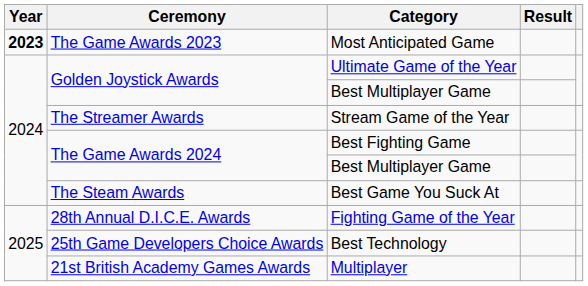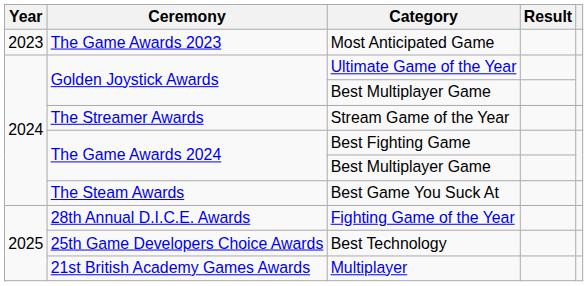 <table class="wikitable plainrowheaders sortable" width="auto">
 <tr>
 <th scope="col">Year</th>
 <th scope="col">Ceremony</th>
 <th scope="col">Category</th>
 <th scope="col">Result</th>
 <th scope="col" class="unsortable"></th>
 </tr>
 <tr>
-<td style="text-align:center;"><strong>2023</strong></td>
+<td style="text-align:center;">2023</td>
 <td><a href='#'>The Game Awards 2023</a></td>
 <td>Most Anticipated Game</td>
 <td></td>
 <td style="text-align:center;"></td>
 </tr>
 <tr>
 <td style="text-align:center;" rowspan="6">2024</td>
 <td rowspan="2"><a href='#'>Golden Joystick Awards</a></td>
 <td><a href='#'>Ultimate Game of the Year</a></td>
 <td></td>
 <td rowspan="2" style="text-align:center;"></td>
 </tr>
 <tr>
 <td>Best Multiplayer Game</td>
 <td></td>
 </tr>
 <tr>
 <td><a href='#'>The Streamer Awards</a></td>
 <td>Stream Game of the Year</td>
 <td></td>
 <td style="text-align:center;"></td>
 </tr>
 <tr>
 <td rowspan="2"><a href='#'>The Game Awards 2024</a></td>
 <td>Best Fighting Game</td>
 <td></td>
 <td rowspan="2" style="text-align:center;"></td>
 </tr>
 <tr>
 <td>Best Multiplayer Game</td>
 <td></td>
 </tr>
 <tr>
 <td><a href='#'>The Steam Awards</a></td>
 <td>Best Game You Suck At</td>
 <td></td>
 <td style="text-align:center;"></td>
 </tr>
 <tr>
 <td rowspan="3" style="text-align:center;">2025</td>
 <td><a href='#'>28th Annual D.I.C.E. Awards</a></td>
 <td><a href='#'>Fighting Game of the Year</a></td>
 <td></td>
 <td style="text-align:center;"></td>
 </tr>
 <tr>
 <td><a href='#'>25th Game Developers Choice Awards</a></td>
 <td>Best Technology</td>
 <td></td>
 <td style="text-align: center;"></td>
 </tr>
 <tr>
 <td><a href='#'>21st British Academy Games Awards</a></td>
 <td><a href='#'>Multiplayer</a></td>
 <td></td>
 <td style="text-align: center;"></td>
 </tr>
 </table>
